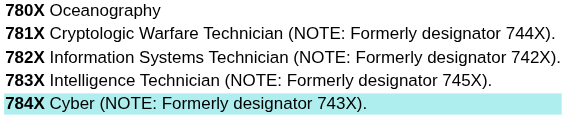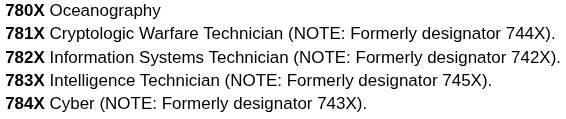 <table>
 <tr>
 <td><strong>780X</strong> Oceanography</td>
 </tr>
 <tr>
 <td><strong>781X</strong> Cryptologic Warfare Technician (NOTE: Formerly designator 744X).</td>
 </tr>
 <tr>
 <td><strong>782X</strong> Information Systems Technician (NOTE: Formerly designator 742X).</td>
 </tr>
 <tr>
 <td><strong>783X</strong> Intelligence Technician (NOTE: Formerly designator 745X).</td>
 </tr>
 <tr>
-<td style="background: paleturquoise;"><strong>784X</strong> Cyber (NOTE: Formerly designator 743X).</td>
+<td><strong>784X</strong> Cyber (NOTE: Formerly designator 743X).</td>
 </tr>
 </table>
